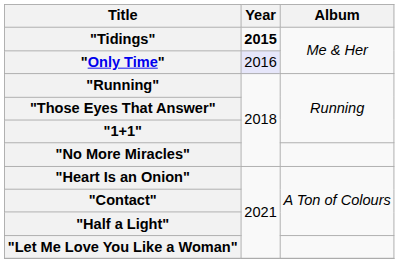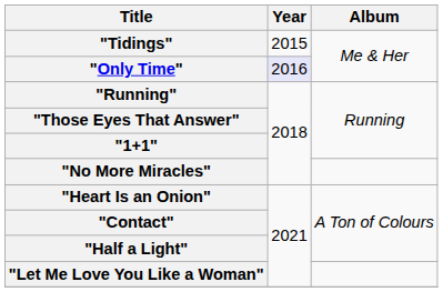 <table class="wikitable plainrowheaders" style="text-align:center;">
 <tr>
 <th>Title</th>
 <th>Year</th>
 <th>Album</th>
 </tr>
 <tr>
 <th scope="row">"Tidings"</th>
-<td><strong>2015</strong></td>
+<td>2015</td>
 <td rowspan="2"><em>Me & Her</em></td>
 </tr>
 <tr>
 <th scope="row">"<a href='#'>Only Time</a>"</th>
 <td style="background: lavender;">2016</td>
 </tr>
 <tr>
 <th scope="row">"Running"</th>
 <td rowspan="4">2018</td>
 <td rowspan="3"><em>Running</em></td>
 </tr>
 <tr>
 <th scope="row">"Those Eyes That Answer"</th>
 </tr>
 <tr>
 <th scope="row">"1+1" </th>
 </tr>
 <tr>
 <th scope="row">"No More Miracles"</th>
 <td></td>
 </tr>
 <tr>
 <th scope="row">"Heart Is an Onion"</th>
 <td rowspan="4">2021</td>
 <td rowspan="3"><em>A Ton of Colours</em></td>
 </tr>
 <tr>
 <th scope="row">"Contact"</th>
 </tr>
 <tr>
 <th scope="row">"Half a Light"</th>
 </tr>
 <tr>
 <th scope="row">"Let Me Love You Like a Woman"</th>
 <td></td>
 </tr>
 <tr>
 </tr>
 </table>
